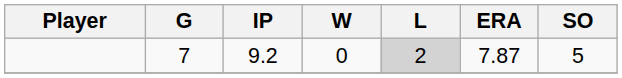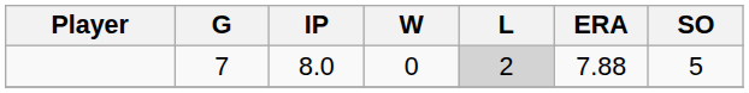 <table class="wikitable sortable">
 <tr>
 <th bgcolor="#DDDDFF" width="16%">Player</th>
 <th bgcolor="#DDDDFF" width="9%">G</th>
 <th bgcolor="#DDDDFF" width="9%">IP</th>
 <th bgcolor="#DDDDFF" width="9%">W</th>
 <th bgcolor="#DDDDFF" width="9%">L</th>
 <th bgcolor="#DDDDFF" width="9%">ERA</th>
 <th bgcolor="#DDDDFF" width="9%">SO</th>
 </tr>
 <tr align="center">
 <td></td>
 <td>7</td>
-<td>9.2</td>
+<td>8.0</td>
 <td>0</td>
 <td style="background: lightgrey;">2</td>
-<td>7.87</td>
+<td>7.88</td>
 <td>5</td>
 </tr>
 <tr align="center">
 </tr>
 </table>
